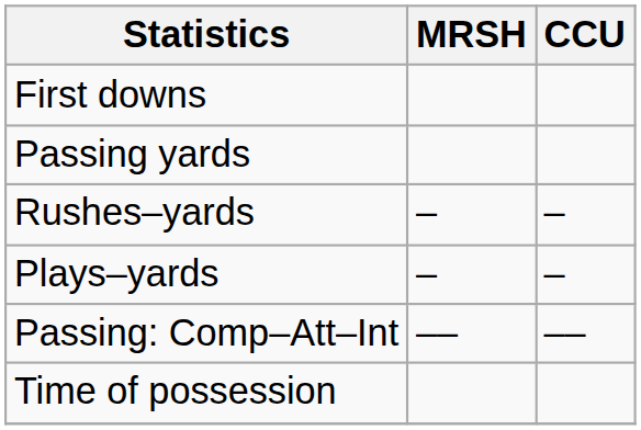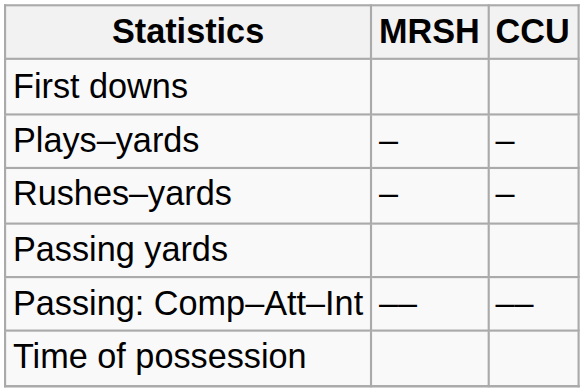 <table class="wikitable" style="float: left;">
 <tr>
 <th>Statistics</th>
 <th>MRSH</th>
 <th>CCU</th>
 </tr>
 <tr>
 <td>First downs</td>
 <td></td>
 <td></td>
 </tr>
 <tr>
-<td>Passing yards</td>
-<td></td>
-<td></td>
+<td>Plays–yards</td>
+<td>–</td>
+<td>–</td>
 </tr>
 <tr>
 <td>Rushes–yards</td>
 <td>–</td>
 <td>–</td>
 </tr>
 <tr>
-<td>Plays–yards</td>
-<td>–</td>
-<td>–</td>
+<td>Passing yards</td>
+<td></td>
+<td></td>
 </tr>
 <tr>
 <td>Passing: Comp–Att–Int</td>
 <td>––</td>
 <td>––</td>
 </tr>
 <tr>
 <td>Time of possession</td>
 <td></td>
 <td></td>
 </tr>
 <tr>
 </tr>
 </table>
